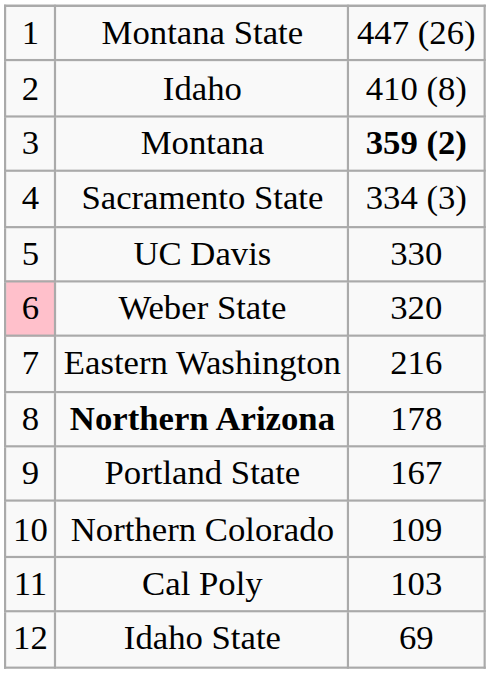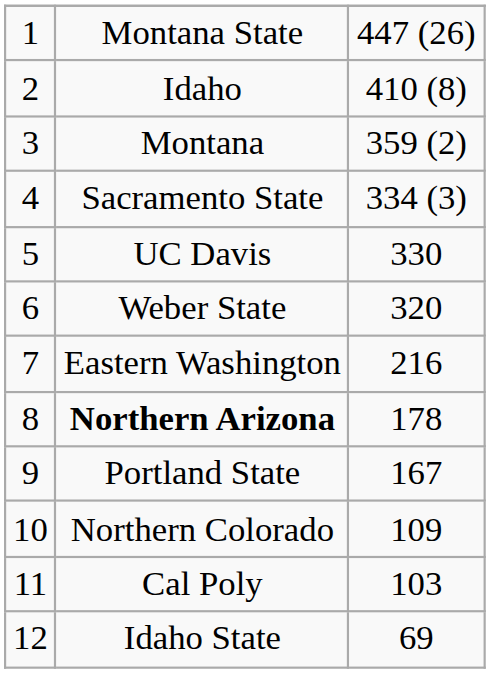 <table class="wikitable" style="display: inline-table;">
 <tr align="center">
 </tr>
 <tr align="center">
 <td>1</td>
 <td>Montana State</td>
 <td>447 (26)</td>
 </tr>
 <tr align="center">
 <td>2</td>
 <td>Idaho</td>
 <td>410 (8)</td>
 </tr>
 <tr align="center">
 <td>3</td>
 <td>Montana</td>
-<td><strong>359 (2)</strong></td>
+<td>359 (2)</td>
 </tr>
 <tr align="center">
 <td>4</td>
 <td>Sacramento State</td>
 <td>334 (3)</td>
 </tr>
 <tr align="center">
 <td>5</td>
 <td>UC Davis</td>
 <td>330</td>
 </tr>
 <tr align="center">
-<td style="background: pink;">6</td>
+<td>6</td>
 <td>Weber State</td>
 <td>320</td>
 </tr>
 <tr align="center">
 <td>7</td>
 <td>Eastern Washington</td>
 <td>216</td>
 </tr>
 <tr align="center">
 <td>8</td>
 <td><strong>Northern Arizona</strong></td>
 <td>178</td>
 </tr>
 <tr align="center">
 <td>9</td>
 <td>Portland State</td>
 <td>167</td>
 </tr>
 <tr align="center">
 <td>10</td>
 <td>Northern Colorado</td>
 <td>109</td>
 </tr>
 <tr align="center">
 <td>11</td>
 <td>Cal Poly</td>
 <td>103</td>
 </tr>
 <tr align="center">
 <td>12</td>
 <td>Idaho State</td>
 <td>69</td>
 </tr>
 </table>
